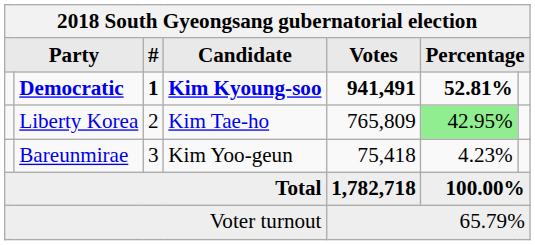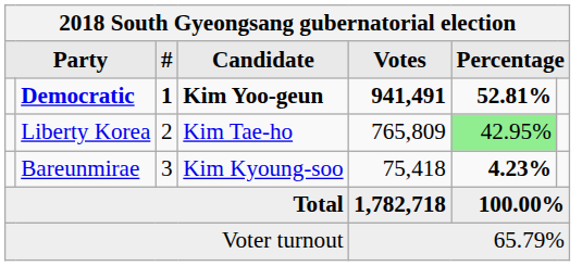 <table class="wikitable">
 <tr>
 <th colspan="7">2018 South Gyeongsang gubernatorial election</th>
 </tr>
 <tr>
 <th style="background-color:#E9E9E9" colspan=2>Party</th>
 <th style="background-color:#E9E9E9">#</th>
 <th style="background-color:#E9E9E9">Candidate</th>
 <th style="background-color:#E9E9E9">Votes</th>
 <th style="background-color:#E9E9E9" colspan=2>Percentage</th>
 </tr>
 <tr style="font-weight:bold">
 <td></td>
 <td align=left><a href='#'>Democratic</a></td>
 <td align=center>1</td>
-<td align=left><a href='#'>Kim Kyoung-soo</a></td>
+<td align=left>Kim Yoo-geun</td>
 <td align=right>941,491</td>
 <td align=right>52.81%</td>
 <td align=right></td>
 </tr>
 <tr>
 <td></td>
 <td align=left><a href='#'>Liberty Korea</a></td>
 <td align=center>2</td>
 <td align=left><a href='#'>Kim Tae-ho</a></td>
 <td align=right>765,809</td>
 <td align=right style="background: lightgreen;">42.95%</td>
 <td align=right></td>
 </tr>
 <tr>
 <td></td>
 <td align=left><a href='#'>Bareunmirae</a></td>
 <td align=center>3</td>
-<td align=left>Kim Yoo-geun</td>
+<td align=left><a href='#'>Kim Kyoung-soo</a></td>
 <td align=right>75,418</td>
-<td align=right>4.23%</td>
+<td align=right><strong>4.23%</strong></td>
 <td align=right></td>
 </tr>
 <tr bgcolor="#EEEEEE" style="font-weight:bold">
 <td colspan="4" align=right>Total</td>
 <td align=right>1,782,718</td>
 <td align=right colspan=2>100.00%</td>
 </tr>
 <tr bgcolor="#EEEEEE">
 <td colspan="4" align="right">Voter turnout</td>
 <td colspan="3" align="right">65.79%</td>
 </tr>
 </table>
